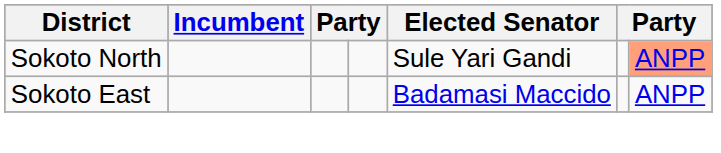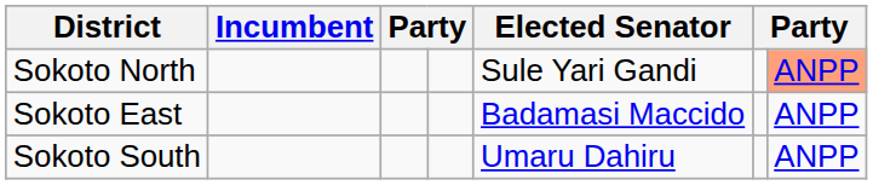 <table class="sortable wikitable" style="font-size:95%;line-height:14px;">
 <tr>
 <th class="unsortable">District</th>
 <th class="unsortable"><a href='#'>Incumbent</a></th>
 <th colspan="2">Party</th>
 <th class="unsortable">Elected Senator</th>
 <th colspan="2">Party</th>
 </tr>
 <tr>
 <td>Sokoto North</td>
 <td></td>
 <td></td>
 <td></td>
 <td>Sule Yari Gandi</td>
 <td style="background:"></td>
 <td style="background: lightsalmon;"><a href='#'>ANPP</a></td>
 </tr>
 <tr>
 <td>Sokoto East</td>
 <td></td>
 <td></td>
 <td></td>
 <td><a href='#'>Badamasi Maccido</a></td>
 <td style="background:"></td>
 <td><a href='#'>ANPP</a></td>
 </tr>
+<tr>
+<td>Sokoto South</td>
+<td></td>
+<td></td>
+<td></td>
+<td><a href='#'>Umaru Dahiru</a></td>
+<td style="background:"></td>
+<td><a href='#'>ANPP</a></td>
+</tr>
 </table>
